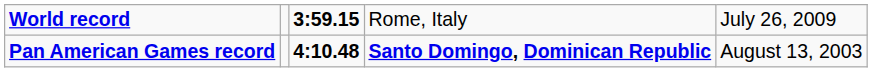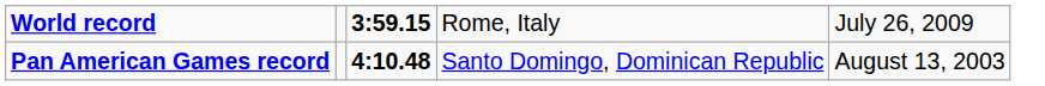 <table class="wikitable">
 <tr>
 <td><strong><a href='#'>World record</a></strong></td>
 <td></td>
 <td><strong>3:59.15</strong></td>
 <td>Rome, Italy</td>
 <td>July 26, 2009</td>
 </tr>
 <tr>
 <td><strong><a href='#'>Pan American Games record</a></strong></td>
 <td></td>
 <td><strong>4:10.48</strong></td>
-<td><strong><a href='#'>Santo Domingo</a>, <a href='#'>Dominican Republic</a></strong></td>
+<td><a href='#'>Santo Domingo</a>, <a href='#'>Dominican Republic</a></td>
 <td>August 13, 2003</td>
 </tr>
 </table>
